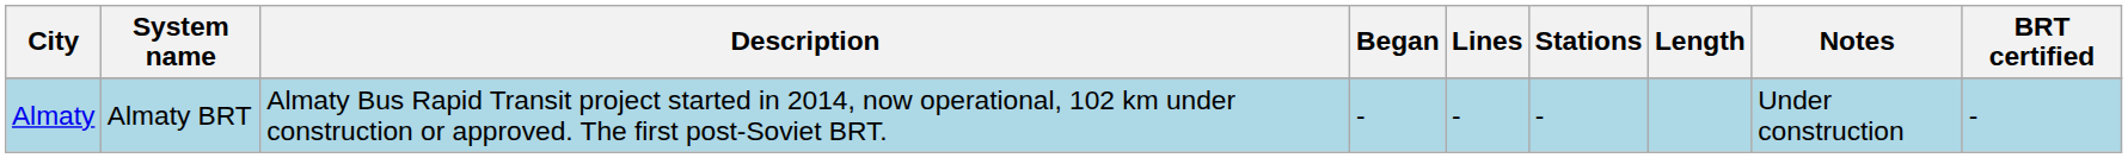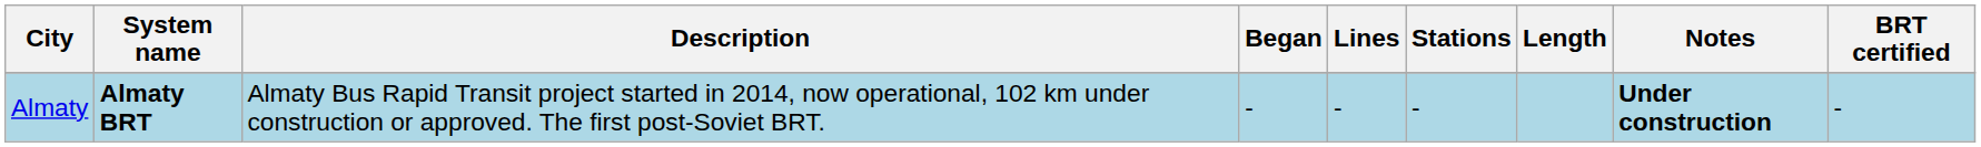 <table class="wikitable">
 <tr>
 <th>City</th>
 <th>System name</th>
 <th>Description</th>
 <th>Began</th>
 <th>Lines</th>
 <th>Stations</th>
 <th>Length</th>
 <th>Notes</th>
 <th>BRT certified</th>
 </tr>
 <tr>
 </tr>
 <tr style="background:lightblue;">
 <td><a href='#'>Almaty</a></td>
-<td>Almaty BRT</td>
+<td><strong>Almaty BRT</strong></td>
 <td>Almaty Bus Rapid Transit project started in 2014, now operational, 102 km under construction or approved. The first post-Soviet BRT.</td>
 <td>-</td>
 <td>-</td>
 <td>-</td>
 <td></td>
-<td>Under construction</td>
+<td><strong>Under construction</strong></td>
 <td>-</td>
 </tr>
 </table>
